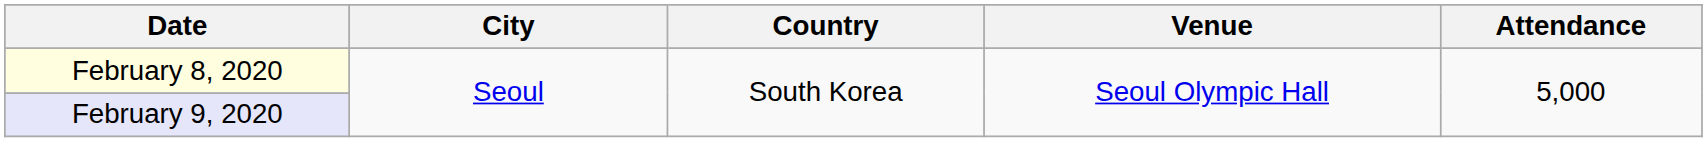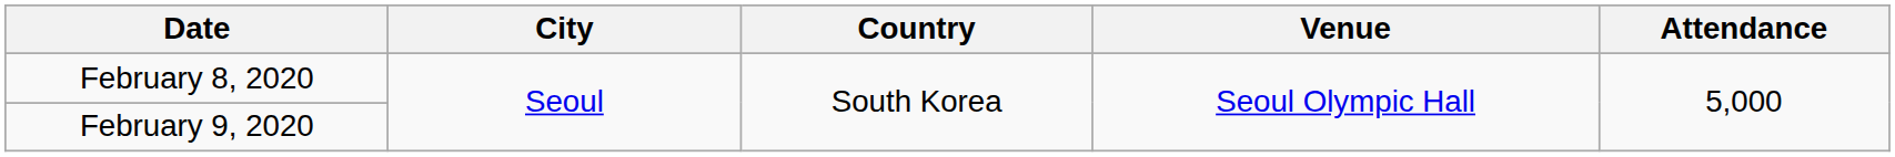 <table class="wikitable plainrowheaders" style="text-align:center;">
 <tr>
 <th scope="col" style="width:12em;">Date</th>
 <th scope="col" style="width:11em;">City</th>
 <th scope="col" style="width:11em;">Country</th>
 <th scope="col" style="width:16em;">Venue</th>
 <th scope="col" style="width:9em;">Attendance</th>
 </tr>
 <tr>
-<td style="background: lightyellow;">February 8, 2020</td>
+<td>February 8, 2020</td>
 <td rowspan="2"><a href='#'>Seoul</a></td>
 <td rowspan="2">South Korea</td>
 <td rowspan="2"><a href='#'>Seoul Olympic Hall</a></td>
 <td rowspan="2">5,000</td>
 </tr>
 <tr>
-<td style="background: lavender;">February 9, 2020</td>
+<td>February 9, 2020</td>
 </tr>
 </table>
